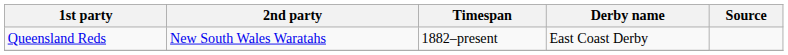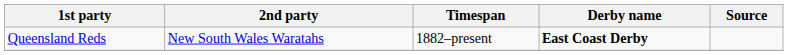 <table class="wikitable"  style="font-size:98%; width:98%;">
 <tr>
 <th>1st party</th>
 <th>2nd party</th>
 <th>Timespan</th>
 <th>Derby name</th>
 <th class="unsortable">Source</th>
 </tr>
 <tr>
 <td><a href='#'>Queensland Reds</a></td>
 <td><a href='#'>New South Wales Waratahs</a></td>
 <td>1882–present</td>
-<td>East Coast Derby</td>
+<td><strong>East Coast Derby</strong></td>
 <td></td>
 </tr>
 <tr>
 </tr>
 </table>
